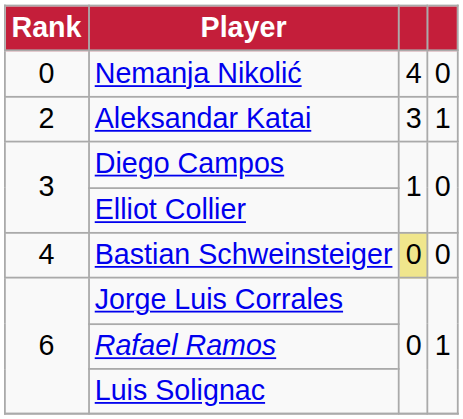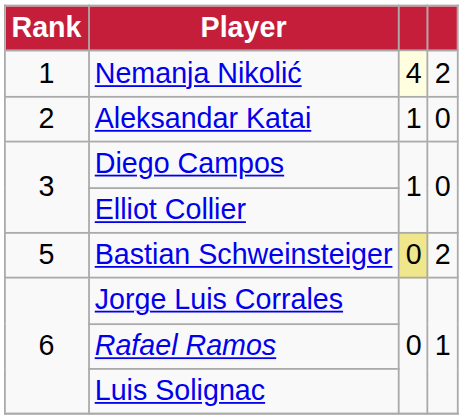 <table class="wikitable" style="text-align:center; display:inline-table;">
 <tr>
 <th style="background:#C41E3A; color:white;">Rank</th>
 <th style="background:#C41E3A; color:white;">Player</th>
 <th style="background:#C41E3A; color:white;"></th>
 <th style="background:#C41E3A; color:white;"></th>
 </tr>
 <tr>
-<td>0</td>
+<td>1</td>
 <td align="left"> <a href='#'>Nemanja Nikolić</a></td>
-<td>4</td>
-<td>0</td>
+<td style="background: lightyellow;">4</td>
+<td>2</td>
 </tr>
 <tr>
 <td>2</td>
 <td align="left"> <a href='#'>Aleksandar Katai</a></td>
-<td>3</td>
 <td>1</td>
+<td>0</td>
 </tr>
 <tr>
 <td rowspan="2">3</td>
 <td align="left"> <a href='#'>Diego Campos</a></td>
 <td rowspan="2">1</td>
 <td rowspan="2">0</td>
 </tr>
 <tr>
 <td align="left"> <a href='#'>Elliot Collier</a></td>
 </tr>
 <tr>
-<td>4</td>
+<td>5</td>
 <td align="left"> <a href='#'>Bastian Schweinsteiger</a></td>
 <td style="background: khaki;">0</td>
-<td>0</td>
+<td>2</td>
 </tr>
 <tr>
 <td rowspan="3">6</td>
 <td align="left"> <a href='#'>Jorge Luis Corrales</a></td>
 <td rowspan="3">0</td>
 <td rowspan="3">1</td>
 </tr>
 <tr>
 <td align="left"> <em><a href='#'>Rafael Ramos</a></em></td>
 </tr>
 <tr>
 <td align="left"> <a href='#'>Luis Solignac</a></td>
 </tr>
 <tr>
 </tr>
 </table>
